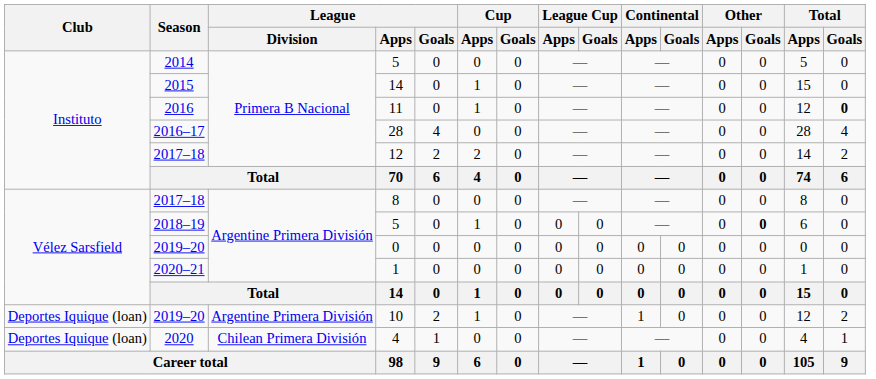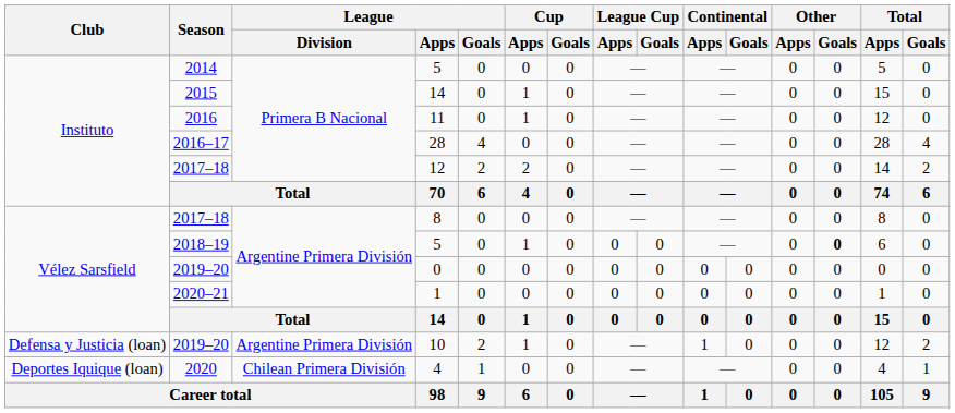 <table class="wikitable" style="text-align:center">
 <tr>
 <th rowspan="2">Club</th>
 <th rowspan="2">Season</th>
 <th colspan="3">League</th>
 <th colspan="2">Cup</th>
 <th colspan="2">League Cup</th>
 <th colspan="2">Continental</th>
 <th colspan="2">Other</th>
 <th colspan="2">Total</th>
 </tr>
 <tr>
 <th>Division</th>
 <th>Apps</th>
 <th>Goals</th>
 <th>Apps</th>
 <th>Goals</th>
 <th>Apps</th>
 <th>Goals</th>
 <th>Apps</th>
 <th>Goals</th>
 <th>Apps</th>
 <th>Goals</th>
 <th>Apps</th>
 <th>Goals</th>
 </tr>
 <tr>
 <td rowspan="6"><a href='#'>Instituto</a></td>
 <td><a href='#'>2014</a></td>
 <td rowspan="5"><a href='#'>Primera B Nacional</a></td>
 <td>5</td>
 <td>0</td>
 <td>0</td>
 <td>0</td>
 <td colspan="2">—</td>
 <td colspan="2">—</td>
 <td>0</td>
 <td>0</td>
 <td>5</td>
 <td>0</td>
 </tr>
 <tr>
 <td><a href='#'>2015</a></td>
 <td>14</td>
 <td>0</td>
 <td>1</td>
 <td>0</td>
 <td colspan="2">—</td>
 <td colspan="2">—</td>
 <td>0</td>
 <td>0</td>
 <td>15</td>
 <td>0</td>
 </tr>
 <tr>
 <td><a href='#'>2016</a></td>
 <td>11</td>
 <td>0</td>
 <td>1</td>
 <td>0</td>
 <td colspan="2">—</td>
 <td colspan="2">—</td>
 <td>0</td>
 <td>0</td>
 <td>12</td>
-<td><strong>0</strong></td>
+<td>0</td>
 </tr>
 <tr>
 <td><a href='#'>2016–17</a></td>
 <td>28</td>
 <td>4</td>
 <td>0</td>
 <td>0</td>
 <td colspan="2">—</td>
 <td colspan="2">—</td>
 <td>0</td>
 <td>0</td>
 <td>28</td>
 <td>4</td>
 </tr>
 <tr>
 <td><a href='#'>2017–18</a></td>
 <td>12</td>
 <td>2</td>
 <td>2</td>
 <td>0</td>
 <td colspan="2">—</td>
 <td colspan="2">—</td>
 <td>0</td>
 <td>0</td>
 <td>14</td>
 <td>2</td>
 </tr>
 <tr>
 <th colspan="2">Total</th>
 <th>70</th>
 <th>6</th>
 <th>4</th>
 <th>0</th>
 <th colspan="2">—</th>
 <th colspan="2">—</th>
 <th>0</th>
 <th>0</th>
 <th>74</th>
 <th>6</th>
 </tr>
 <tr>
 <td rowspan="5"><a href='#'>Vélez Sarsfield</a></td>
 <td><a href='#'>2017–18</a></td>
 <td rowspan="4"><a href='#'>Argentine Primera División</a></td>
 <td>8</td>
 <td>0</td>
 <td>0</td>
 <td>0</td>
 <td colspan="2">—</td>
 <td colspan="2">—</td>
 <td>0</td>
 <td>0</td>
 <td>8</td>
 <td>0</td>
 </tr>
 <tr>
 <td><a href='#'>2018–19</a></td>
 <td>5</td>
 <td>0</td>
 <td>1</td>
 <td>0</td>
 <td>0</td>
 <td>0</td>
 <td colspan="2">—</td>
 <td>0</td>
 <td><strong>0</strong></td>
 <td>6</td>
 <td>0</td>
 </tr>
 <tr>
 <td><a href='#'>2019–20</a></td>
 <td>0</td>
 <td>0</td>
 <td>0</td>
 <td>0</td>
 <td>0</td>
 <td>0</td>
 <td>0</td>
 <td>0</td>
 <td>0</td>
 <td>0</td>
 <td>0</td>
 <td>0</td>
 </tr>
 <tr>
 <td><a href='#'>2020–21</a></td>
 <td>1</td>
 <td>0</td>
 <td>0</td>
 <td>0</td>
 <td>0</td>
 <td>0</td>
 <td>0</td>
 <td>0</td>
 <td>0</td>
 <td>0</td>
 <td>1</td>
 <td>0</td>
 </tr>
 <tr>
 <th colspan="2">Total</th>
 <th>14</th>
 <th>0</th>
 <th>1</th>
 <th>0</th>
 <th>0</th>
 <th>0</th>
 <th>0</th>
 <th>0</th>
 <th>0</th>
 <th>0</th>
 <th>15</th>
 <th>0</th>
 </tr>
 <tr>
-<td rowspan="1"><a href='#'>Deportes Iquique</a> (loan)</td>
+<td rowspan="1"><a href='#'>Defensa y Justicia</a> (loan)</td>
 <td><a href='#'>2019–20</a></td>
 <td rowspan="1"><a href='#'>Argentine Primera División</a></td>
 <td>10</td>
 <td>2</td>
 <td>1</td>
 <td>0</td>
 <td colspan="2">—</td>
 <td>1</td>
 <td>0</td>
 <td>0</td>
 <td>0</td>
 <td>12</td>
 <td>2</td>
 </tr>
 <tr>
 <td rowspan="1"><a href='#'>Deportes Iquique</a> (loan)</td>
 <td><a href='#'>2020</a></td>
 <td rowspan="1"><a href='#'>Chilean Primera División</a></td>
 <td>4</td>
 <td>1</td>
 <td>0</td>
 <td>0</td>
 <td colspan="2">—</td>
 <td colspan="2">—</td>
 <td>0</td>
 <td>0</td>
 <td>4</td>
 <td>1</td>
 </tr>
 <tr>
 <th colspan="3">Career total</th>
 <th>98</th>
 <th>9</th>
 <th>6</th>
 <th>0</th>
 <th colspan="2">—</th>
 <th>1</th>
 <th>0</th>
 <th>0</th>
 <th>0</th>
 <th>105</th>
 <th>9</th>
 </tr>
 </table>
